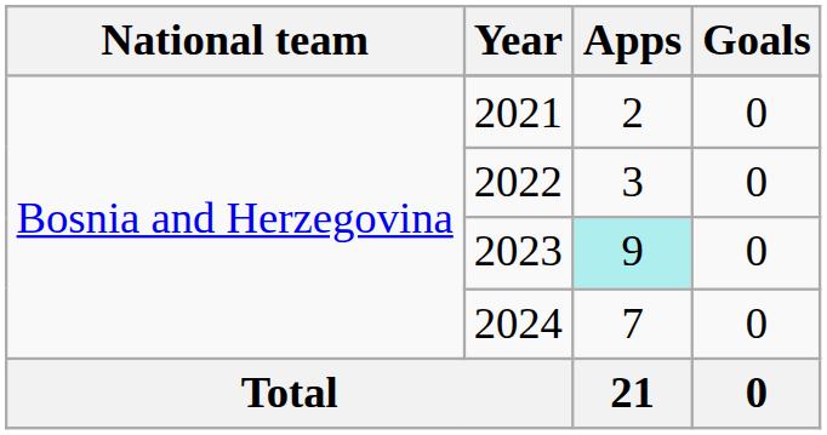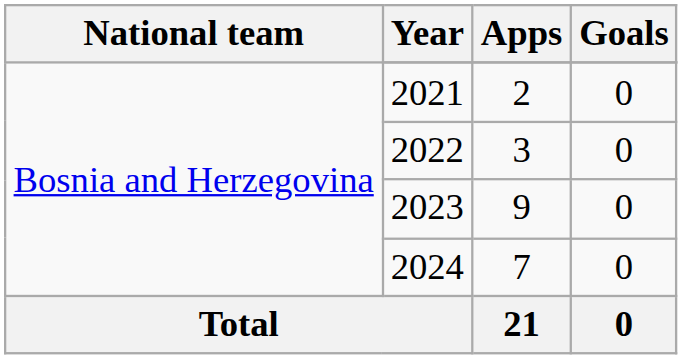 <table class="wikitable" style="text-align:center">
 <tr>
 <th>National team</th>
 <th>Year</th>
 <th>Apps</th>
 <th>Goals</th>
 </tr>
 <tr>
 <td rowspan=5><a href='#'>Bosnia and Herzegovina</a></td>
 </tr>
 <tr>
 <td>2021</td>
 <td>2</td>
 <td>0</td>
 </tr>
 <tr>
 <td>2022</td>
 <td>3</td>
 <td>0</td>
 </tr>
 <tr>
 <td>2023</td>
-<td style="background: paleturquoise;">9</td>
+<td>9</td>
 <td>0</td>
 </tr>
 <tr>
 <td>2024</td>
 <td>7</td>
 <td>0</td>
 </tr>
 <tr>
 <th colspan=2>Total</th>
 <th>21</th>
 <th>0</th>
 </tr>
 </table>
